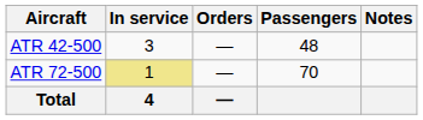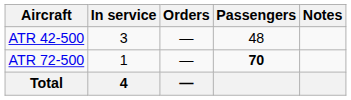 <table class="wikitable" style="margin:0.5em auto; text-align:center">
 <tr>
 <th>Aircraft</th>
 <th>In service</th>
 <th>Orders</th>
 <th>Passengers</th>
 <th>Notes</th>
 </tr>
 <tr>
 <td><a href='#'>ATR 42-500</a></td>
 <td>3</td>
 <td>—</td>
 <td>48</td>
 <td></td>
 </tr>
 <tr>
 <td><a href='#'>ATR 72-500</a></td>
-<td style="background: khaki;">1</td>
+<td>1</td>
 <td>—</td>
-<td>70</td>
+<td><strong>70</strong></td>
 </tr>
 <tr>
 <th>Total</th>
 <th>4</th>
 <th>—</th>
 <th></th>
 <th></th>
 </tr>
 </table>
